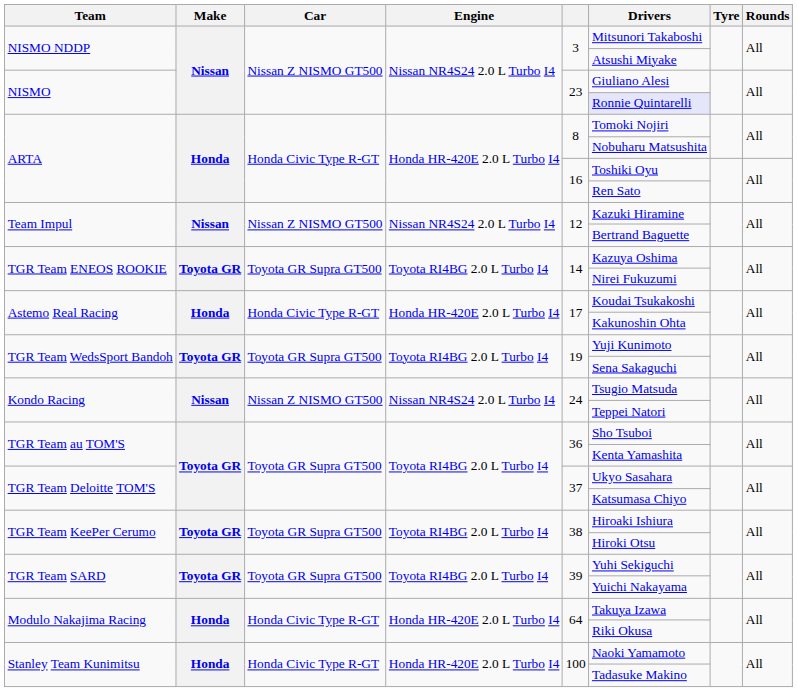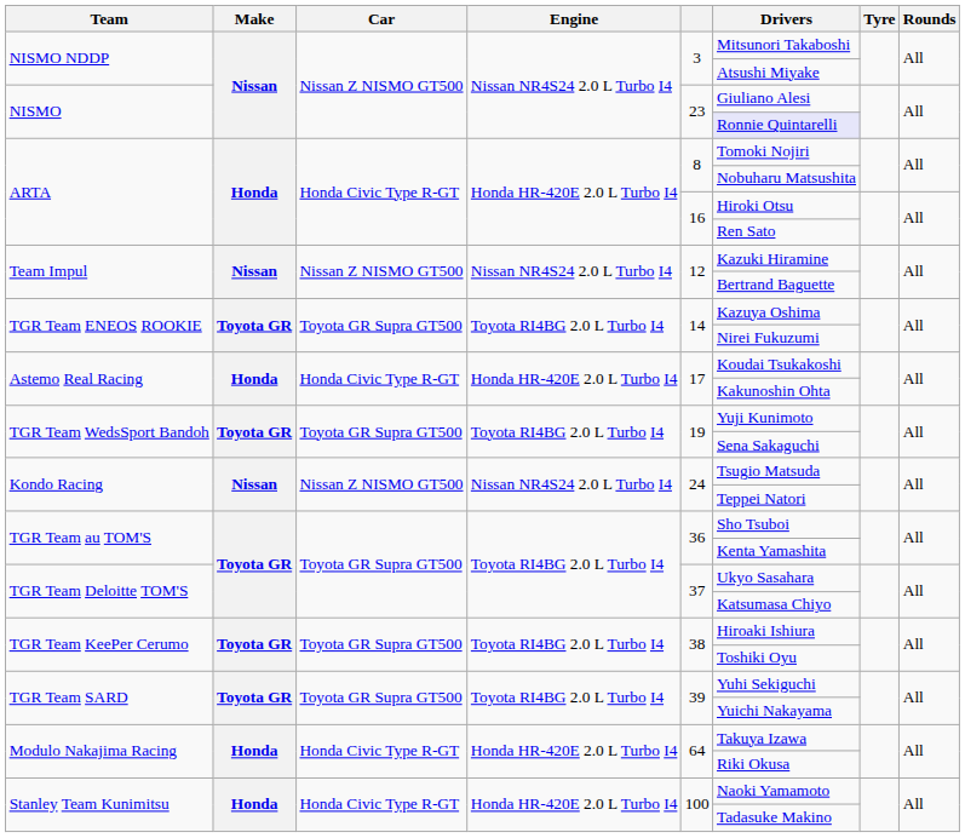 <table class="wikitable" style="font-size: 85%">
 <tr>
 <th>Team</th>
 <th>Make</th>
 <th>Car</th>
 <th>Engine</th>
 <th></th>
 <th>Drivers</th>
 <th>Tyre</th>
 <th>Rounds</th>
 </tr>
 <tr>
 <td rowspan="2"><a href='#'>NISMO NDDP</a></td>
 <th rowspan="4"><a href='#'>Nissan</a></th>
 <td rowspan="4"><a href='#'>Nissan Z NISMO GT500</a></td>
 <td rowspan="4"><a href='#'>Nissan NR4S24</a> 2.0 L <a href='#'>Turbo</a> <a href='#'>I4</a></td>
 <td align="center" rowspan=2>3</td>
 <td> <a href='#'>Mitsunori Takaboshi</a></td>
 <td rowspan="2" align="center"></td>
 <td rowspan="2">All</td>
 </tr>
 <tr>
 <td> <a href='#'>Atsushi Miyake</a></td>
 </tr>
 <tr>
 <td rowspan="2"><a href='#'>NISMO</a></td>
 <td rowspan="2" align="center">23</td>
 <td> <a href='#'>Giuliano Alesi</a></td>
 <td rowspan="2" align="center"></td>
 <td rowspan="2">All</td>
 </tr>
 <tr>
 <td style="background: lavender;"> <a href='#'>Ronnie Quintarelli</a></td>
 </tr>
 <tr>
 <td rowspan="4"><a href='#'>ARTA</a></td>
 <th rowspan="4"><a href='#'>Honda</a></th>
 <td rowspan="4"><a href='#'>Honda Civic Type R-GT</a></td>
 <td rowspan="4"><a href='#'>Honda HR-420E</a> 2.0 L <a href='#'>Turbo</a> <a href='#'>I4</a></td>
 <td align="center" rowspan="2">8</td>
 <td> <a href='#'>Tomoki Nojiri</a></td>
 <td rowspan=2 align=center></td>
 <td rowspan="2">All</td>
 </tr>
 <tr>
 <td> <a href='#'>Nobuharu Matsushita</a></td>
 </tr>
 <tr>
 <td align="center" rowspan="2">16</td>
-<td> <a href='#'>Toshiki Oyu</a></td>
+<td> <a href='#'>Hiroki Otsu</a></td>
 <td rowspan=2 align=center></td>
 <td rowspan="2">All</td>
 </tr>
 <tr>
 <td> <a href='#'>Ren Sato</a></td>
 </tr>
 <tr>
 <td rowspan="2"><a href='#'>Team Impul</a></td>
 <th rowspan="2"><a href='#'>Nissan</a></th>
 <td rowspan="2"><a href='#'>Nissan Z NISMO GT500</a></td>
 <td rowspan="2"><a href='#'>Nissan NR4S24</a> 2.0 L <a href='#'>Turbo</a> <a href='#'>I4</a></td>
 <td align="center" rowspan="2">12</td>
 <td> <a href='#'>Kazuki Hiramine</a></td>
 <td rowspan="2" align="center"></td>
 <td rowspan="2">All</td>
 </tr>
 <tr>
 <td> <a href='#'>Bertrand Baguette</a></td>
 </tr>
 <tr>
 <td rowspan="2"><a href='#'>TGR Team</a> <a href='#'>ENEOS</a> <a href='#'>ROOKIE</a></td>
 <th rowspan="2"><a href='#'>Toyota GR</a></th>
 <td rowspan="2"><a href='#'>Toyota GR Supra GT500</a></td>
 <td rowspan="2"><a href='#'>Toyota RI4BG</a> 2.0 L <a href='#'>Turbo</a> <a href='#'>I4</a></td>
 <td align="center" rowspan="2">14</td>
 <td> <a href='#'>Kazuya Oshima</a></td>
 <td rowspan="2" align="center"></td>
 <td rowspan="2">All</td>
 </tr>
 <tr>
 <td> <a href='#'>Nirei Fukuzumi</a></td>
 </tr>
 <tr>
 <td rowspan="2"><a href='#'>Astemo</a> <a href='#'>Real Racing</a></td>
 <th rowspan="2"><a href='#'>Honda</a></th>
 <td rowspan="2"><a href='#'>Honda Civic Type R-GT</a></td>
 <td rowspan="2"><a href='#'>Honda HR-420E</a> 2.0 L <a href='#'>Turbo</a> <a href='#'>I4</a></td>
 <td align="center" rowspan="2">17</td>
 <td> <a href='#'>Koudai Tsukakoshi</a></td>
 <td rowspan=2 align=center></td>
 <td rowspan="2">All</td>
 </tr>
 <tr>
 <td> <a href='#'>Kakunoshin Ohta</a></td>
 </tr>
 <tr>
 <td rowspan="2"><a href='#'>TGR Team</a> <a href='#'>WedsSport Bandoh</a></td>
 <th rowspan="2"><a href='#'>Toyota GR</a></th>
 <td rowspan="2"><a href='#'>Toyota GR Supra GT500</a></td>
 <td rowspan="2"><a href='#'>Toyota RI4BG</a> 2.0 L <a href='#'>Turbo</a> <a href='#'>I4</a></td>
 <td align="center" rowspan="2">19</td>
 <td> <a href='#'>Yuji Kunimoto</a></td>
 <td rowspan="2" align="center"></td>
 <td rowspan="2">All</td>
 </tr>
 <tr>
 <td> <a href='#'>Sena Sakaguchi</a></td>
 </tr>
 <tr>
 <td rowspan="2"><a href='#'>Kondo Racing</a></td>
 <th rowspan="2"><a href='#'>Nissan</a></th>
 <td rowspan="2"><a href='#'>Nissan Z NISMO GT500</a></td>
 <td rowspan="2"><a href='#'>Nissan NR4S24</a> 2.0 L <a href='#'>Turbo</a> <a href='#'>I4</a></td>
 <td align="center" rowspan="2">24</td>
 <td> <a href='#'>Tsugio Matsuda</a></td>
 <td rowspan="2" align="center"></td>
 <td rowspan="2">All</td>
 </tr>
 <tr>
 <td> <a href='#'>Teppei Natori</a></td>
 </tr>
 <tr>
 <td rowspan="2"><a href='#'>TGR Team</a> <a href='#'>au</a> <a href='#'>TOM'S</a></td>
 <th rowspan="4"><a href='#'>Toyota GR</a></th>
 <td rowspan="4"><a href='#'>Toyota GR Supra GT500</a></td>
 <td rowspan="4"><a href='#'>Toyota RI4BG</a> 2.0 L <a href='#'>Turbo</a> <a href='#'>I4</a></td>
 <td align="center" rowspan="2">36</td>
 <td> <a href='#'>Sho Tsuboi</a></td>
 <td rowspan="2" align="center"></td>
 <td rowspan="2">All</td>
 </tr>
 <tr>
 <td> <a href='#'>Kenta Yamashita</a></td>
 </tr>
 <tr>
 <td rowspan="2"><a href='#'>TGR Team</a> <a href='#'>Deloitte</a> <a href='#'>TOM'S</a></td>
 <td align="center" rowspan="2">37</td>
 <td> <a href='#'>Ukyo Sasahara</a></td>
 <td rowspan="2" align="center"></td>
 <td rowspan="2">All</td>
 </tr>
 <tr>
 <td> <a href='#'>Katsumasa Chiyo</a></td>
 </tr>
 <tr>
 <td rowspan="2"><a href='#'>TGR Team</a> <a href='#'>KeePer Cerumo</a></td>
 <th rowspan="2"><a href='#'>Toyota GR</a></th>
 <td rowspan="2"><a href='#'>Toyota GR Supra GT500</a></td>
 <td rowspan="2"><a href='#'>Toyota RI4BG</a> 2.0 L <a href='#'>Turbo</a> <a href='#'>I4</a></td>
 <td align="center" rowspan="2">38</td>
 <td> <a href='#'>Hiroaki Ishiura</a></td>
 <td rowspan="2" align="center"></td>
 <td rowspan="2">All</td>
 </tr>
 <tr>
-<td> <a href='#'>Hiroki Otsu</a></td>
+<td> <a href='#'>Toshiki Oyu</a></td>
 </tr>
 <tr>
 <td rowspan="2"><a href='#'>TGR Team</a> <a href='#'>SARD</a></td>
 <th rowspan="2"><a href='#'>Toyota GR</a></th>
 <td rowspan="2"><a href='#'>Toyota GR Supra GT500</a></td>
 <td rowspan="2"><a href='#'>Toyota RI4BG</a> 2.0 L <a href='#'>Turbo</a> <a href='#'>I4</a></td>
 <td align="center" rowspan="2">39</td>
 <td> <a href='#'>Yuhi Sekiguchi</a></td>
 <td rowspan="2" align="center"></td>
 <td rowspan="2">All</td>
 </tr>
 <tr>
 <td> <a href='#'>Yuichi Nakayama</a></td>
 </tr>
 <tr>
 <td rowspan="2"><a href='#'>Modulo Nakajima Racing</a></td>
 <th rowspan="2"><a href='#'>Honda</a></th>
 <td rowspan="2"><a href='#'>Honda Civic Type R-GT</a></td>
 <td rowspan="2"><a href='#'>Honda HR-420E</a> 2.0 L <a href='#'>Turbo</a> <a href='#'>I4</a></td>
 <td align="center" rowspan="2">64</td>
 <td> <a href='#'>Takuya Izawa</a></td>
 <td rowspan="2" align="center"></td>
 <td rowspan="2">All</td>
 </tr>
 <tr>
 <td> <a href='#'>Riki Okusa</a></td>
 </tr>
 <tr>
 <td rowspan="2"><a href='#'>Stanley</a> <a href='#'>Team Kunimitsu</a></td>
 <th rowspan="2"><a href='#'>Honda</a></th>
 <td rowspan="2"><a href='#'>Honda Civic Type R-GT</a></td>
 <td rowspan="2"><a href='#'>Honda HR-420E</a> 2.0 L <a href='#'>Turbo</a> <a href='#'>I4</a></td>
 <td align="center" rowspan=2>100</td>
 <td> <a href='#'>Naoki Yamamoto</a></td>
 <td rowspan=2 align=center></td>
 <td rowspan="2">All</td>
 </tr>
 <tr>
 <td> <a href='#'>Tadasuke Makino</a></td>
 </tr>
 </table>
